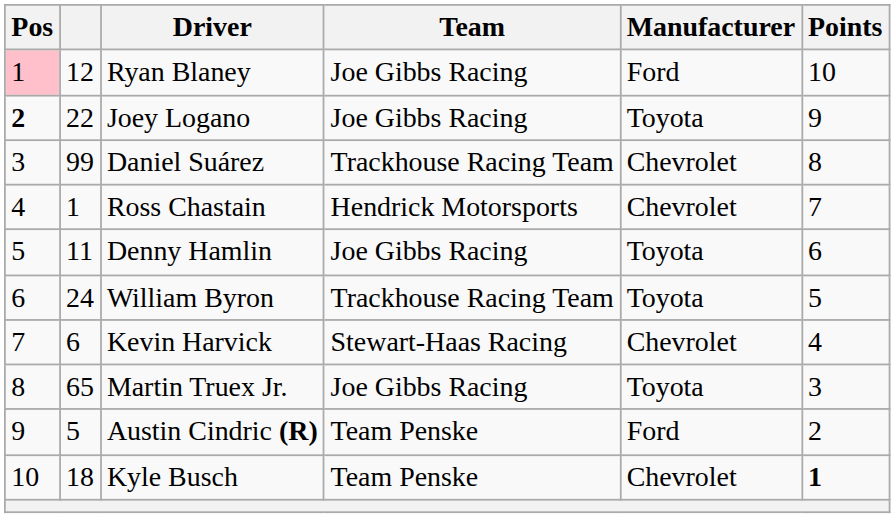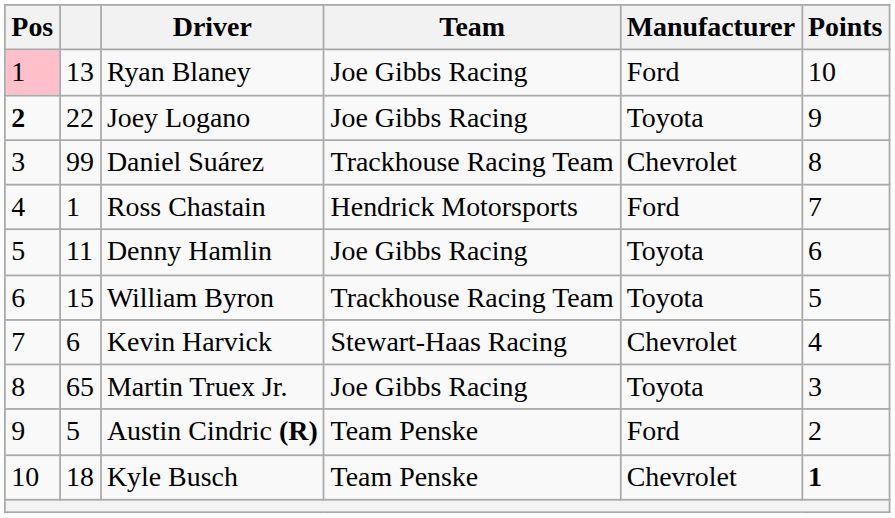 <table class="wikitable" style="font-size:98%">
 <tr>
 <th>Pos</th>
 <th></th>
 <th>Driver</th>
 <th>Team</th>
 <th>Manufacturer</th>
 <th>Points</th>
 </tr>
 <tr>
 <td style="background: pink;">1</td>
-<td>12</td>
+<td>13</td>
 <td>Ryan Blaney</td>
 <td>Joe Gibbs Racing</td>
 <td>Ford</td>
 <td>10</td>
 </tr>
 <tr>
 <td><strong>2</strong></td>
 <td>22</td>
 <td>Joey Logano</td>
 <td>Joe Gibbs Racing</td>
 <td>Toyota</td>
 <td>9</td>
 </tr>
 <tr>
 <td>3</td>
 <td>99</td>
 <td>Daniel Suárez</td>
 <td>Trackhouse Racing Team</td>
 <td>Chevrolet</td>
 <td>8</td>
 </tr>
 <tr>
 <td>4</td>
 <td>1</td>
 <td>Ross Chastain</td>
 <td>Hendrick Motorsports</td>
-<td>Chevrolet</td>
+<td>Ford</td>
 <td>7</td>
 </tr>
 <tr>
 <td>5</td>
 <td>11</td>
 <td>Denny Hamlin</td>
 <td>Joe Gibbs Racing</td>
 <td>Toyota</td>
 <td>6</td>
 </tr>
 <tr>
 <td>6</td>
-<td>24</td>
+<td>15</td>
 <td>William Byron</td>
 <td>Trackhouse Racing Team</td>
 <td>Toyota</td>
 <td>5</td>
 </tr>
 <tr>
 <td>7</td>
 <td>6</td>
 <td>Kevin Harvick</td>
 <td>Stewart-Haas Racing</td>
 <td>Chevrolet</td>
 <td>4</td>
 </tr>
 <tr>
 <td>8</td>
 <td>65</td>
 <td>Martin Truex Jr.</td>
 <td>Joe Gibbs Racing</td>
 <td>Toyota</td>
 <td>3</td>
 </tr>
 <tr>
 <td>9</td>
 <td>5</td>
 <td>Austin Cindric <strong>(R)</strong></td>
 <td>Team Penske</td>
 <td>Ford</td>
 <td>2</td>
 </tr>
 <tr>
 <td>10</td>
 <td>18</td>
 <td>Kyle Busch</td>
 <td>Team Penske</td>
 <td>Chevrolet</td>
 <td><strong>1</strong></td>
 </tr>
 <tr>
 <th colspan="6"></th>
 </tr>
 </table>
